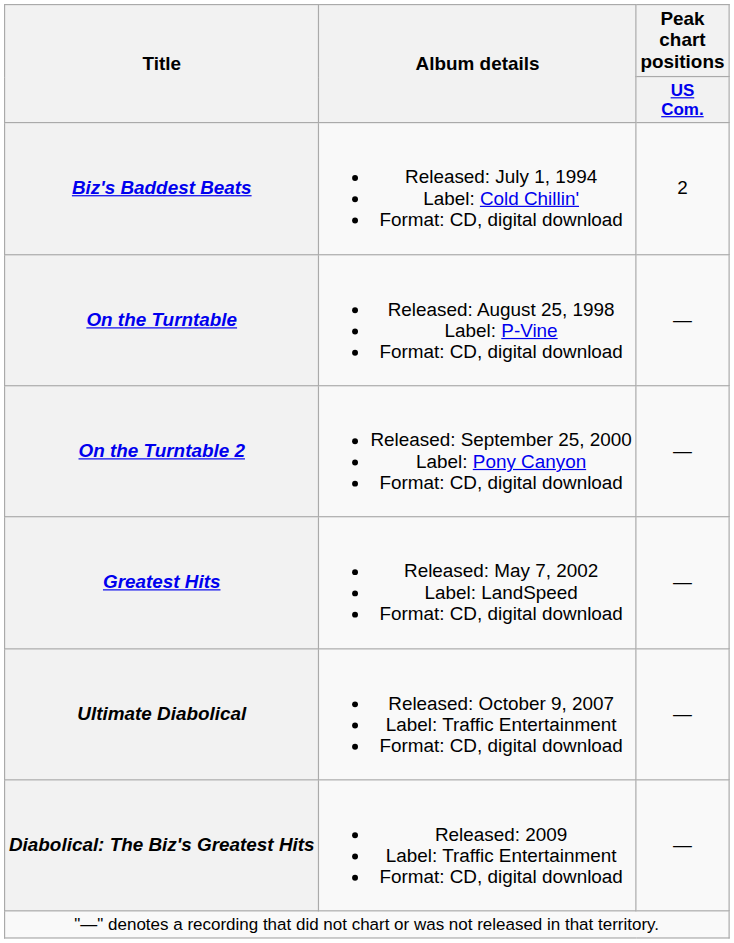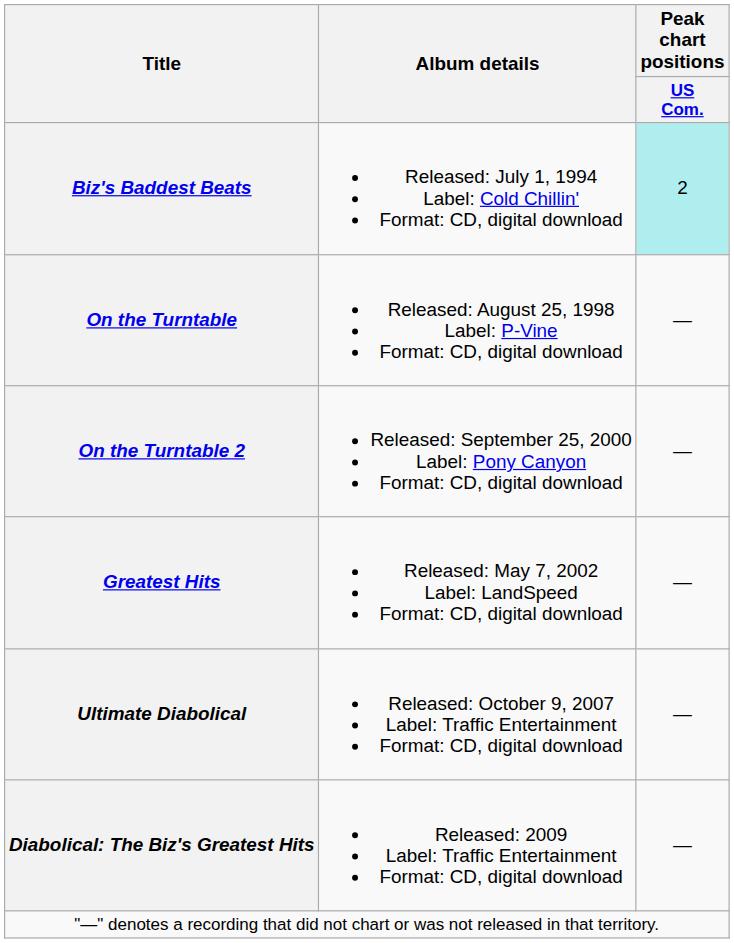 <table class="wikitable plainrowheaders" style="text-align:center;">
 <tr>
 <th rowspan="2">Title</th>
 <th rowspan="2">Album details</th>
 <th>Peak chart positions</th>
 </tr>
 <tr>
 <th scope="col" style="width:3em;font-size:90%;"><a href='#'>US<br>Com.</a><br></th>
 </tr>
 <tr>
 <th scope="row"><em><a href='#'>Biz's Baddest Beats</a></em></th>
 <td><br><ul><li>Released: July 1, 1994</li><li>Label: <a href='#'>Cold Chillin'</a></li><li>Format: CD, digital download</li></ul></td>
-<td>2</td>
+<td style="background: paleturquoise;">2</td>
 </tr>
 <tr>
 <th scope="row"><em><a href='#'>On the Turntable</a></em></th>
 <td><br><ul><li>Released: August 25, 1998</li><li>Label: <a href='#'>P-Vine</a></li><li>Format: CD, digital download</li></ul></td>
 <td>―</td>
 </tr>
 <tr>
 <th scope="row"><em><a href='#'>On the Turntable 2</a></em></th>
 <td><br><ul><li>Released: September 25, 2000</li><li>Label: <a href='#'>Pony Canyon</a></li><li>Format: CD, digital download</li></ul></td>
 <td>―</td>
 </tr>
 <tr>
 <th scope="row"><em><a href='#'>Greatest Hits</a></em></th>
 <td><br><ul><li>Released: May 7, 2002</li><li>Label: LandSpeed</li><li>Format: CD, digital download</li></ul></td>
 <td>―</td>
 </tr>
 <tr>
 <th scope="row"><em>Ultimate Diabolical</em></th>
 <td><br><ul><li>Released: October 9, 2007</li><li>Label: Traffic Entertainment</li><li>Format: CD, digital download</li></ul></td>
 <td>―</td>
 </tr>
 <tr>
 <th scope="row"><em>Diabolical: The Biz's Greatest Hits</em></th>
 <td><br><ul><li>Released: 2009</li><li>Label: Traffic Entertainment</li><li>Format: CD, digital download</li></ul></td>
 <td>―</td>
 </tr>
 <tr>
 <td colspan="15" style="font-size:90%">"—" denotes a recording that did not chart or was not released in that territory.</td>
 </tr>
 </table>
